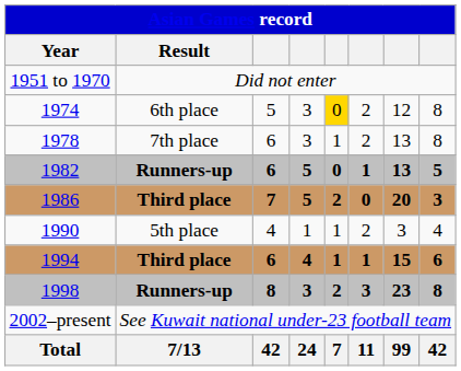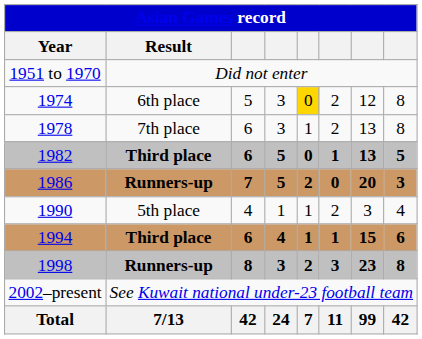 <table class="wikitable" style="text-align: center;">
 <tr>
 <th colspan=9 style="background: #0000CD; color: #FFFFFF;"><a href='#'>Asian Games</a> record</th>
 </tr>
 <tr>
 <th>Year</th>
 <th>Result</th>
 <th></th>
 <th></th>
 <th></th>
 <th></th>
 <th></th>
 <th></th>
 </tr>
 <tr>
 <td> <a href='#'>1951</a> to  <a href='#'>1970</a></td>
 <td rowspan=1 colspan=7><em>Did not enter</em></td>
 </tr>
 <tr>
 <td> <a href='#'>1974</a></td>
 <td>6th place</td>
 <td>5</td>
 <td>3</td>
 <td style="background: gold;">0</td>
 <td>2</td>
 <td>12</td>
 <td>8</td>
 </tr>
 <tr>
 <td> <a href='#'>1978</a></td>
 <td>7th place</td>
 <td>6</td>
 <td>3</td>
 <td>1</td>
 <td>2</td>
 <td>13</td>
 <td>8</td>
 </tr>
 <tr style="background:Silver;">
 <td> <a href='#'>1982</a></td>
-<td><strong>Runners-up</strong></td>
+<td><strong>Third place</strong></td>
 <td><strong>6</strong></td>
 <td><strong>5</strong></td>
 <td><strong>0</strong></td>
 <td><strong>1</strong></td>
 <td><strong>13</strong></td>
 <td><strong>5</strong></td>
 </tr>
 <tr style="background:#c96;">
 <td> <a href='#'>1986</a></td>
-<td><strong>Third place</strong></td>
+<td><strong>Runners-up</strong></td>
 <td><strong>7</strong></td>
 <td><strong>5</strong></td>
 <td><strong>2</strong></td>
 <td><strong>0</strong></td>
 <td><strong>20</strong></td>
 <td><strong>3</strong></td>
 </tr>
 <tr>
 <td> <a href='#'>1990</a></td>
 <td>5th place</td>
 <td>4</td>
 <td>1</td>
 <td>1</td>
 <td>2</td>
 <td>3</td>
 <td>4</td>
 </tr>
 <tr style="background:#c96;">
 <td> <a href='#'>1994</a></td>
 <td><strong>Third place</strong></td>
 <td><strong>6</strong></td>
 <td><strong>4</strong></td>
 <td><strong>1</strong></td>
 <td><strong>1</strong></td>
 <td><strong>15</strong></td>
 <td><strong>6</strong></td>
 </tr>
 <tr style="background:Silver;">
 <td> <a href='#'>1998</a></td>
 <td><strong>Runners-up</strong></td>
 <td><strong>8</strong></td>
 <td><strong>3</strong></td>
 <td><strong>2</strong></td>
 <td><strong>3</strong></td>
 <td><strong>23</strong></td>
 <td><strong>8</strong></td>
 </tr>
 <tr>
 <td><a href='#'>2002</a>–present</td>
 <td colspan=8><em>See <a href='#'>Kuwait national under-23 football team</a></em></td>
 </tr>
 <tr>
 <th>Total</th>
 <th>7/13</th>
 <th>42</th>
 <th>24</th>
 <th>7</th>
 <th>11</th>
 <th>99</th>
 <th>42</th>
 </tr>
 </table>
